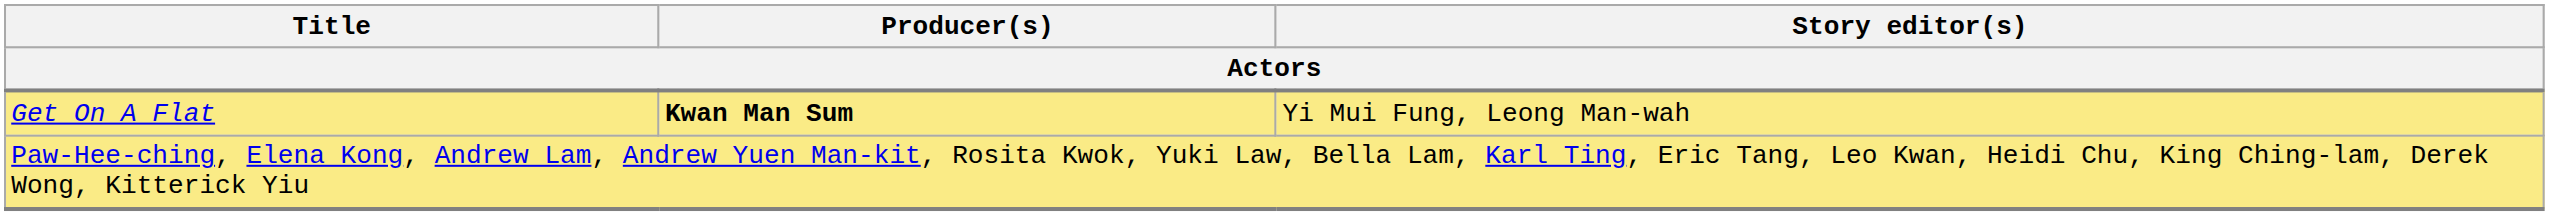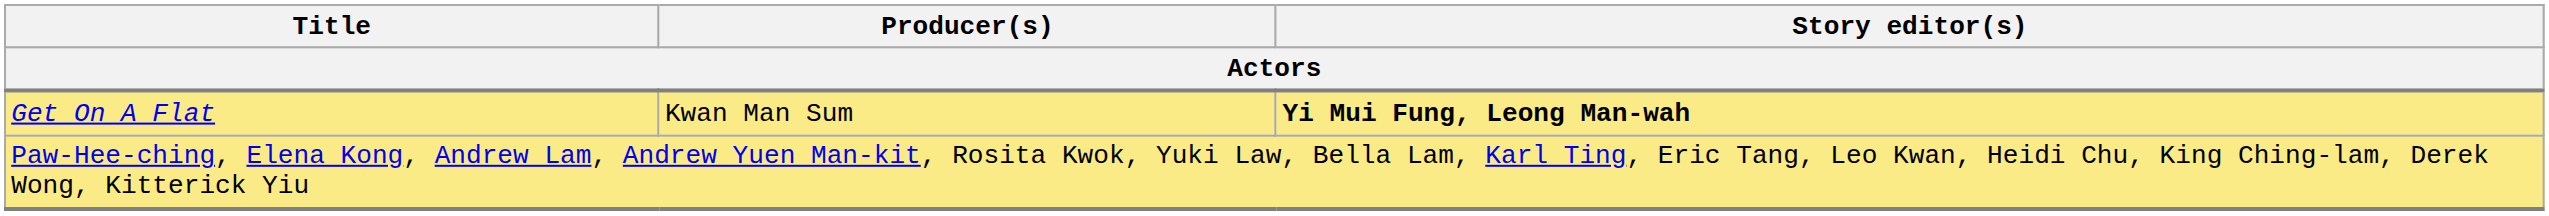 <table class="wikitable" border="1" width="100%">
 <tr style="background:#bebebe">
 <th>Title</th>
 <th>Producer(s)</th>
 <th>Story editor(s)</th>
 </tr>
 <tr style="background:#bebebe">
 <th colspan="3" style="border-bottom:2px solid grey">Actors</th>
 </tr>
 <tr style="background:#FAEB86">
 <td><em><a href='#'>Get On A Flat</a></em></td>
-<td><strong>Kwan Man Sum</strong></td>
-<td>Yi Mui Fung, Leong Man-wah</td>
+<td>Kwan Man Sum</td>
+<td><strong>Yi Mui Fung, Leong Man-wah</strong></td>
 </tr>
 <tr style="background:#FAEB86">
 <td colspan="3" style="border-bottom:2px solid grey"><a href='#'>Paw-Hee-ching</a>, <a href='#'>Elena Kong</a>, <a href='#'>Andrew Lam</a>, <a href='#'>Andrew Yuen Man-kit</a>, Rosita Kwok, Yuki Law, Bella Lam, <a href='#'>Karl Ting</a>, Eric Tang, Leo Kwan, Heidi Chu, King Ching-lam, Derek Wong, Kitterick Yiu</td>
 </tr>
 </table>
